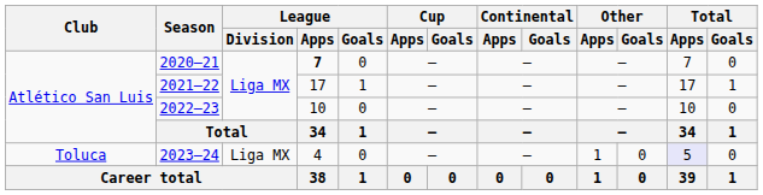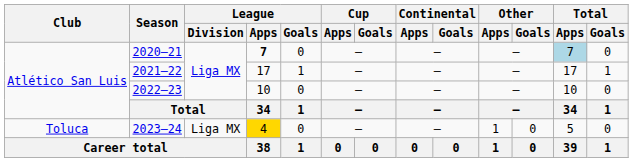 <table class="wikitable" style="text-align: center">
 <tr>
 <th rowspan="2">Club</th>
 <th rowspan="2">Season</th>
 <th colspan="3">League</th>
 <th colspan="2">Cup</th>
 <th colspan="2">Continental</th>
 <th colspan="2">Other</th>
 <th colspan="2">Total</th>
 </tr>
 <tr>
 <th>Division</th>
 <th>Apps</th>
 <th>Goals</th>
 <th>Apps</th>
 <th>Goals</th>
 <th>Apps</th>
 <th>Goals</th>
 <th>Apps</th>
 <th>Goals</th>
 <th>Apps</th>
 <th>Goals</th>
 </tr>
 <tr>
 <td rowspan="4"><a href='#'>Atlético San Luis</a></td>
 <td><a href='#'>2020–21</a></td>
 <td rowspan="3"><a href='#'>Liga MX</a></td>
 <td><strong>7</strong></td>
 <td>0</td>
 <td colspan="2">–</td>
 <td colspan="2">–</td>
 <td colspan="2">–</td>
-<td>7</td>
+<td style="background: lightblue;">7</td>
 <td>0</td>
 </tr>
 <tr>
 <td><a href='#'>2021–22</a></td>
 <td>17</td>
 <td>1</td>
 <td colspan="2">–</td>
 <td colspan="2">–</td>
 <td colspan="2">–</td>
 <td>17</td>
 <td>1</td>
 </tr>
 <tr>
 <td><a href='#'>2022–23</a></td>
 <td>10</td>
 <td>0</td>
 <td colspan="2">–</td>
 <td colspan="2">–</td>
 <td colspan="2">–</td>
 <td>10</td>
 <td>0</td>
 </tr>
 <tr>
 <th colspan="2">Total</th>
 <th>34</th>
 <th>1</th>
 <th colspan="2">–</th>
 <th colspan="2">–</th>
 <th colspan="2">–</th>
 <th>34</th>
 <th>1</th>
 </tr>
 <tr>
 <td rowspan="1"><a href='#'>Toluca</a></td>
 <td><a href='#'>2023–24</a></td>
 <td rowspan="1">Liga MX</td>
-<td>4</td>
+<td style="background: gold;">4</td>
 <td>0</td>
 <td colspan="2">–</td>
 <td colspan="2">–</td>
 <td>1</td>
 <td>0</td>
-<td style="background: lavender;">5</td>
+<td>5</td>
 <td>0</td>
 </tr>
 <tr>
 <th colspan=3>Career total</th>
 <th>38</th>
 <th>1</th>
 <th>0</th>
 <th>0</th>
 <th>0</th>
 <th>0</th>
 <th>1</th>
 <th>0</th>
 <th>39</th>
 <th>1</th>
 </tr>
 </table>
